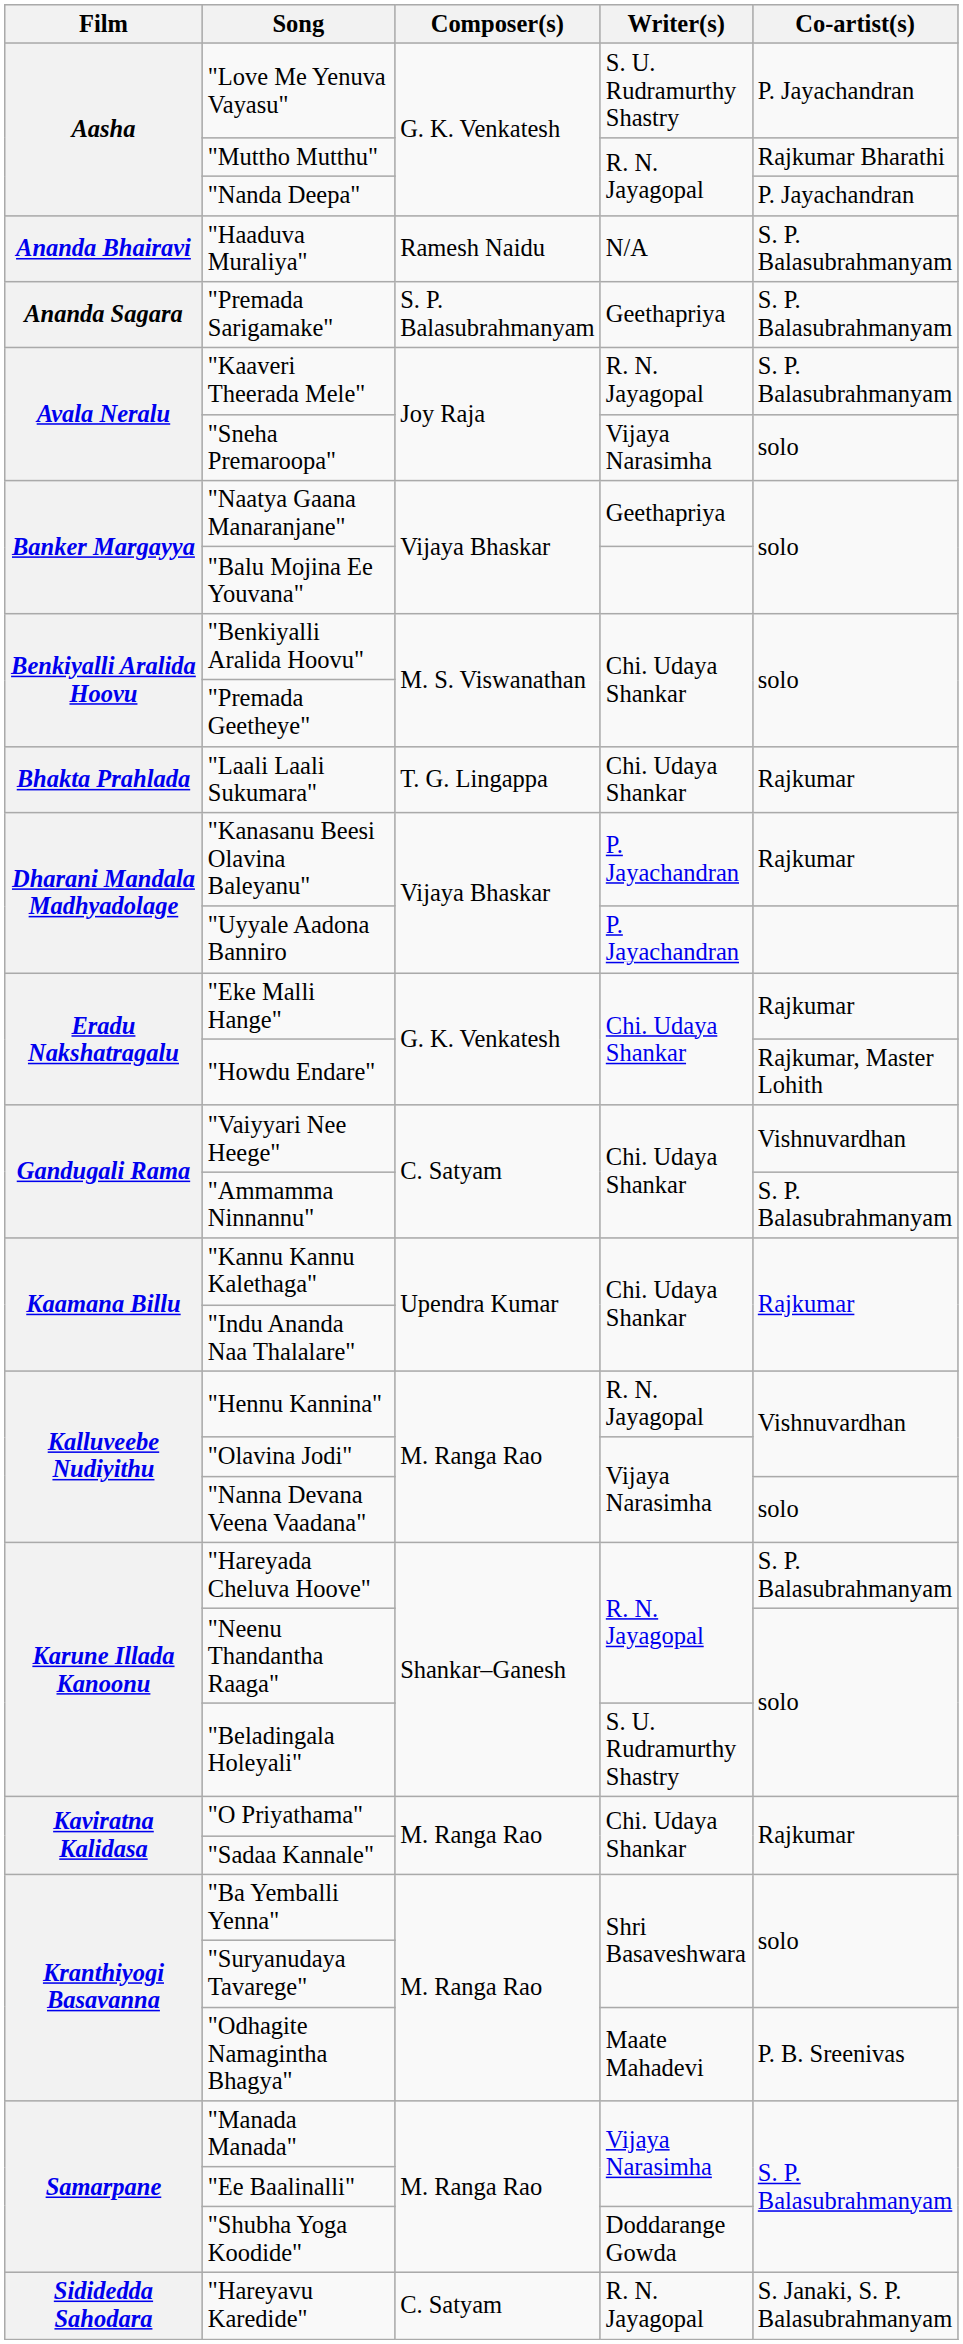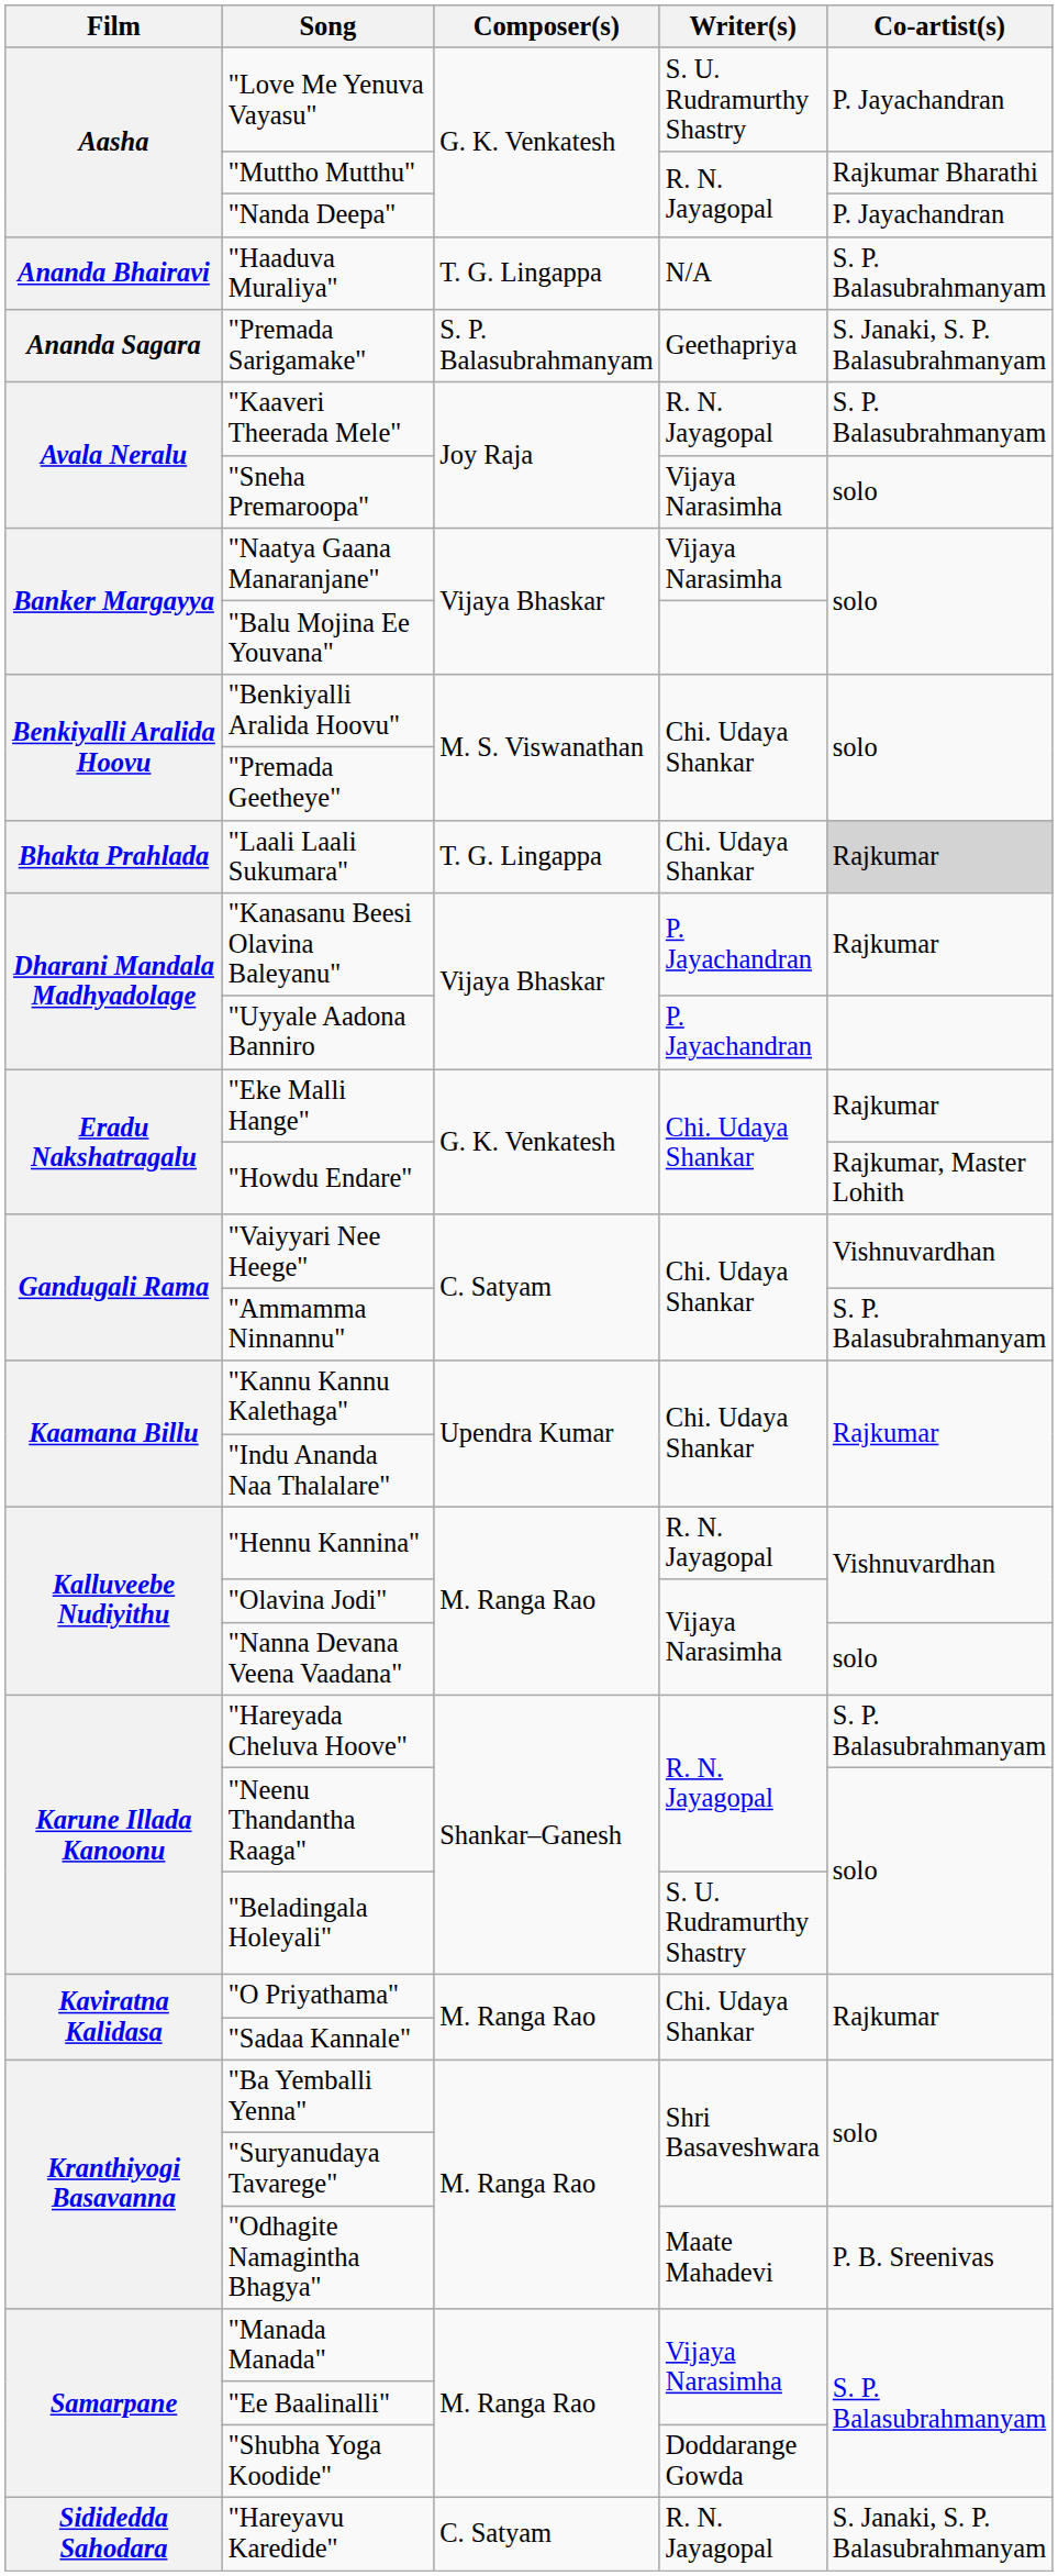 <table class="wikitable plainrowheaders" width="100%" textcolor:#000;">
 <tr style="background:#b0e0e66;">
 <th scope="col" width=23%><strong>Film</strong></th>
 <th scope="col" width=23%><strong>Song</strong></th>
 <th scope="col" width=20%><strong>Composer(s)</strong></th>
 <th scope="col" width=16%><strong>Writer(s)</strong></th>
 <th scope="col" width=18%><strong>Co-artist(s)</strong></th>
 </tr>
 <tr>
 <th rowspan=3><em>Aasha</em></th>
 <td>"Love Me Yenuva Vayasu"</td>
 <td rowspan=3>G. K. Venkatesh</td>
 <td>S. U. Rudramurthy Shastry</td>
 <td>P. Jayachandran</td>
 </tr>
 <tr>
 <td>"Muttho Mutthu"</td>
 <td rowspan=2>R. N. Jayagopal</td>
 <td>Rajkumar Bharathi</td>
 </tr>
 <tr>
 <td>"Nanda Deepa"</td>
 <td>P. Jayachandran</td>
 </tr>
 <tr>
 <th><em><a href='#'>Ananda Bhairavi</a></em></th>
 <td>"Haaduva Muraliya"</td>
-<td>Ramesh Naidu</td>
+<td>T. G. Lingappa</td>
 <td>N/A</td>
 <td>S. P. Balasubrahmanyam</td>
 </tr>
 <tr>
 <th><em>Ananda Sagara</em></th>
 <td>"Premada Sarigamake"</td>
 <td>S. P. Balasubrahmanyam</td>
 <td rowspan=>Geethapriya</td>
-<td>S. P. Balasubrahmanyam</td>
+<td>S. Janaki, S. P. Balasubrahmanyam</td>
 </tr>
 <tr>
 <th Rowspan=2><em><a href='#'>Avala Neralu</a></em></th>
 <td>"Kaaveri Theerada Mele"</td>
 <td rowspan=2>Joy Raja</td>
 <td>R. N. Jayagopal</td>
 <td>S. P. Balasubrahmanyam</td>
 </tr>
 <tr>
 <td>"Sneha Premaroopa"</td>
 <td>Vijaya Narasimha</td>
 <td>solo</td>
 </tr>
 <tr>
 <th Rowspan=2><em><a href='#'>Banker Margayya</a></em></th>
 <td>"Naatya Gaana Manaranjane"</td>
 <td rowspan=2>Vijaya Bhaskar</td>
-<td rowspan=>Geethapriya</td>
+<td rowdpan=2>Vijaya Narasimha</td>
 <td rowspan=2>solo</td>
 </tr>
 <tr>
 <td>"Balu Mojina Ee Youvana"</td>
 </tr>
 <tr>
 <th Rowspan=2><em><a href='#'>Benkiyalli Aralida Hoovu</a></em></th>
 <td>"Benkiyalli Aralida Hoovu"</td>
 <td rowspan=2>M. S. Viswanathan</td>
 <td rowspan=2>Chi. Udaya Shankar</td>
 <td rowspan=2>solo</td>
 </tr>
 <tr>
 <td>"Premada Geetheye"</td>
 </tr>
 <tr>
 <th><em><a href='#'>Bhakta Prahlada</a></em></th>
 <td>"Laali Laali Sukumara"</td>
 <td>T. G. Lingappa</td>
 <td>Chi. Udaya Shankar</td>
-<td>Rajkumar</td>
+<td style="background: lightgrey;">Rajkumar</td>
 </tr>
 <tr>
 <th Rowspan=2><em><a href='#'>Dharani Mandala Madhyadolage</a></em></th>
 <td>"Kanasanu Beesi Olavina Baleyanu"</td>
 <td rowspan=2>Vijaya Bhaskar</td>
 <td><a href='#'>P. Jayachandran</a></td>
 <td>Rajkumar</td>
 </tr>
 <tr>
 <td>"Uyyale Aadona Banniro</td>
 <td><a href='#'>P. Jayachandran</a></td>
 </tr>
 <tr>
 <th Rowspan=2><em><a href='#'>Eradu Nakshatragalu</a></em></th>
 <td>"Eke Malli Hange"</td>
 <td rowspan=2>G. K. Venkatesh</td>
 <td rowspan=2><a href='#'>Chi. Udaya Shankar</a></td>
 <td>Rajkumar</td>
 </tr>
 <tr>
 <td>"Howdu Endare"</td>
 <td>Rajkumar, Master Lohith</td>
 </tr>
 <tr>
 <th Rowspan=2><em><a href='#'>Gandugali Rama</a></em></th>
 <td>"Vaiyyari Nee Heege"</td>
 <td rowspan=2>C. Satyam</td>
 <td rowspan=2>Chi. Udaya Shankar</td>
 <td>Vishnuvardhan</td>
 </tr>
 <tr>
 <td>"Ammamma Ninnannu"</td>
 <td>S. P. Balasubrahmanyam</td>
 </tr>
 <tr>
 <th Rowspan=2><em><a href='#'>Kaamana Billu</a></em></th>
 <td>"Kannu Kannu Kalethaga"</td>
 <td Rowspan=2>Upendra Kumar</td>
 <td Rowspan=2>Chi. Udaya Shankar</td>
 <td rowspan=2><a href='#'>Rajkumar</a></td>
 </tr>
 <tr>
 <td>"Indu Ananda Naa Thalalare"</td>
 </tr>
 <tr>
 <th Rowspan=3><em><a href='#'>Kalluveebe Nudiyithu</a></em></th>
 <td>"Hennu Kannina"</td>
 <td rowspan=3>M. Ranga Rao</td>
 <td>R. N. Jayagopal</td>
 <td rowspan=2>Vishnuvardhan</td>
 </tr>
 <tr>
 <td>"Olavina Jodi"</td>
 <td rowspan=2>Vijaya Narasimha</td>
 </tr>
 <tr>
 <td>"Nanna Devana Veena Vaadana"</td>
 <td>solo</td>
 </tr>
 <tr>
 <th Rowspan=3><em><a href='#'>Karune Illada Kanoonu</a></em></th>
 <td>"Hareyada Cheluva Hoove"</td>
 <td rowspan=3>Shankar–Ganesh</td>
 <td rowspan=2><a href='#'>R. N. Jayagopal</a></td>
 <td>S. P. Balasubrahmanyam</td>
 </tr>
 <tr>
 <td>"Neenu Thandantha Raaga"</td>
 <td rowspan=2>solo</td>
 </tr>
 <tr>
 <td>"Beladingala Holeyali"</td>
 <td>S. U. Rudramurthy Shastry</td>
 </tr>
 <tr>
 <th Rowspan=2><em><a href='#'>Kaviratna Kalidasa</a></em></th>
 <td>"O Priyathama"</td>
 <td rowspan=2>M. Ranga Rao</td>
 <td rowspan=2>Chi. Udaya Shankar</td>
 <td rowspan=2>Rajkumar</td>
 </tr>
 <tr>
 <td>"Sadaa Kannale"</td>
 </tr>
 <tr>
 <th Rowspan=3><em><a href='#'>Kranthiyogi Basavanna</a></em></th>
 <td>"Ba Yemballi Yenna"</td>
 <td rowspan=3>M. Ranga Rao</td>
 <td rowspan=2>Shri Basaveshwara</td>
 <td rowspan=2>solo</td>
 </tr>
 <tr>
 <td>"Suryanudaya Tavarege"</td>
 </tr>
 <tr>
 <td>"Odhagite Namagintha Bhagya"</td>
 <td rowspan=>Maate Mahadevi</td>
 <td>P. B. Sreenivas</td>
 </tr>
 <tr>
 <th Rowspan=3><em><a href='#'>Samarpane</a></em></th>
 <td>"Manada Manada"</td>
 <td rowspan=3>M. Ranga Rao</td>
 <td rowspan=2><a href='#'>Vijaya Narasimha</a></td>
 <td rowspan=3><a href='#'>S. P. Balasubrahmanyam</a></td>
 </tr>
 <tr>
 <td>"Ee Baalinalli"</td>
 </tr>
 <tr>
 <td>"Shubha Yoga Koodide"</td>
 <td>Doddarange Gowda</td>
 </tr>
 <tr>
 <th><em><a href='#'>Sididedda Sahodara</a></em></th>
 <td>"Hareyavu Karedide"</td>
 <td>C. Satyam</td>
 <td>R. N. Jayagopal</td>
 <td>S. Janaki, S. P. Balasubrahmanyam</td>
 </tr>
 </table>
